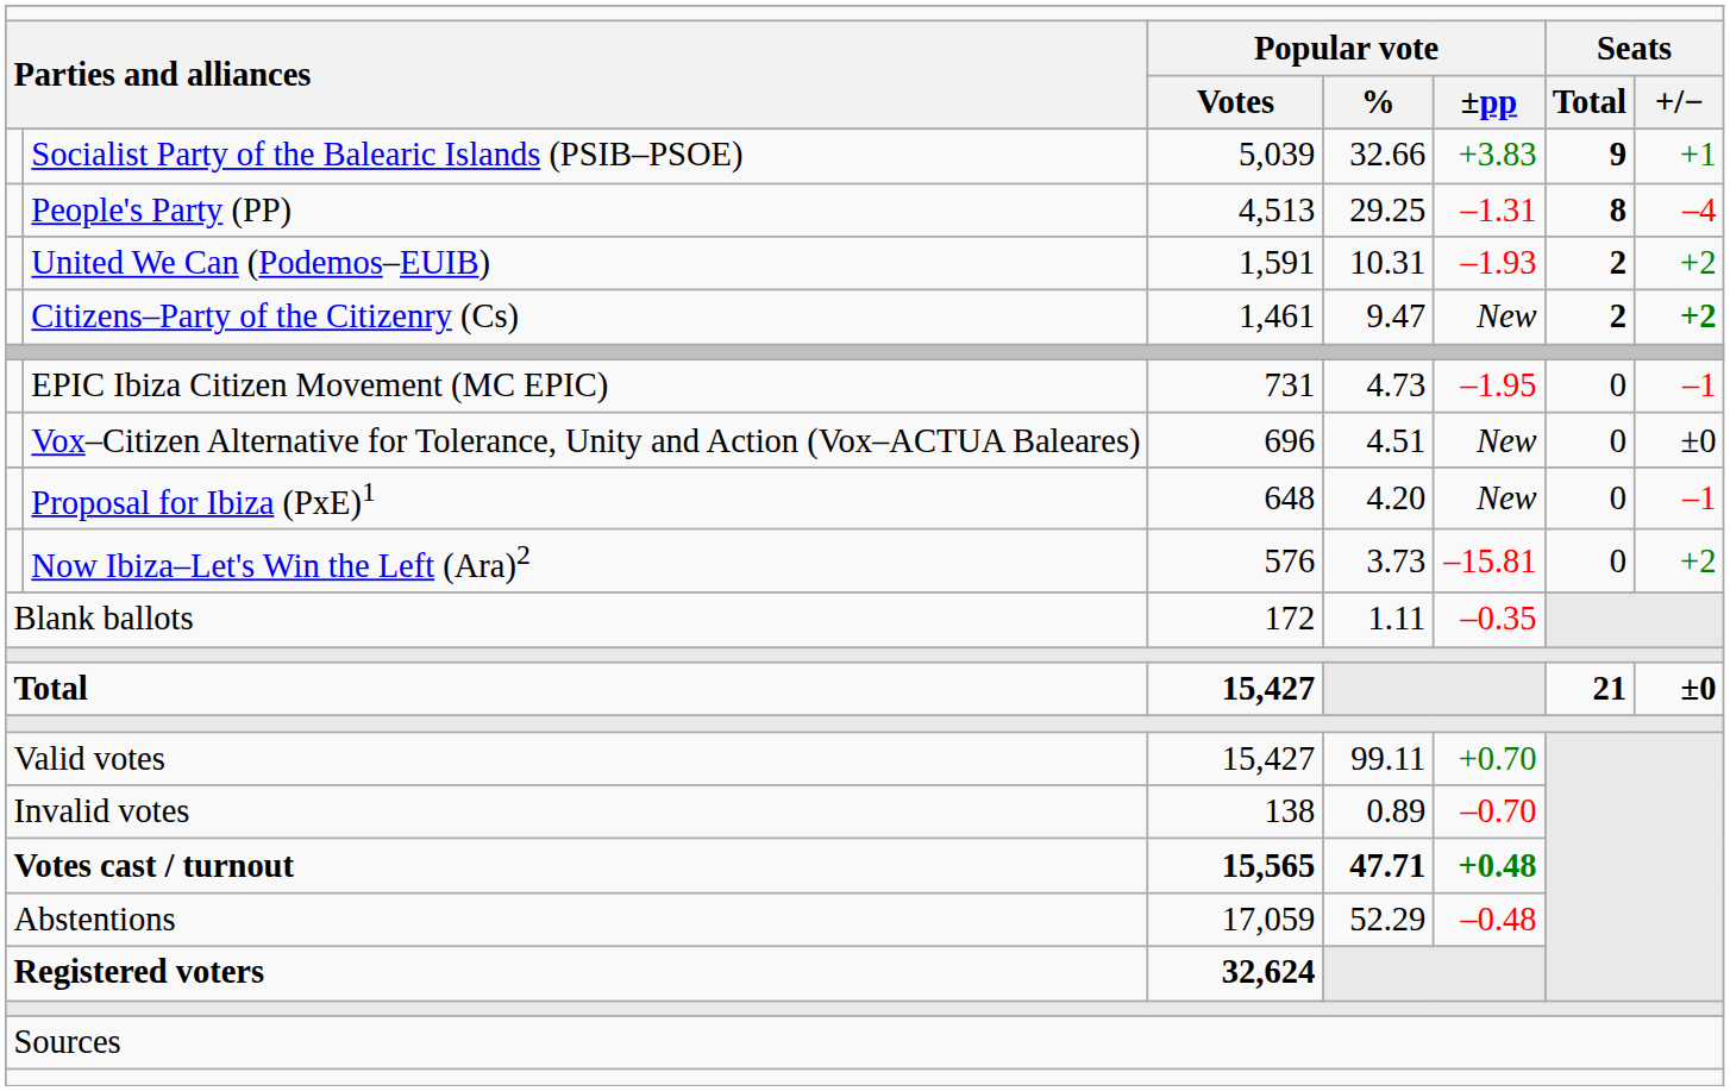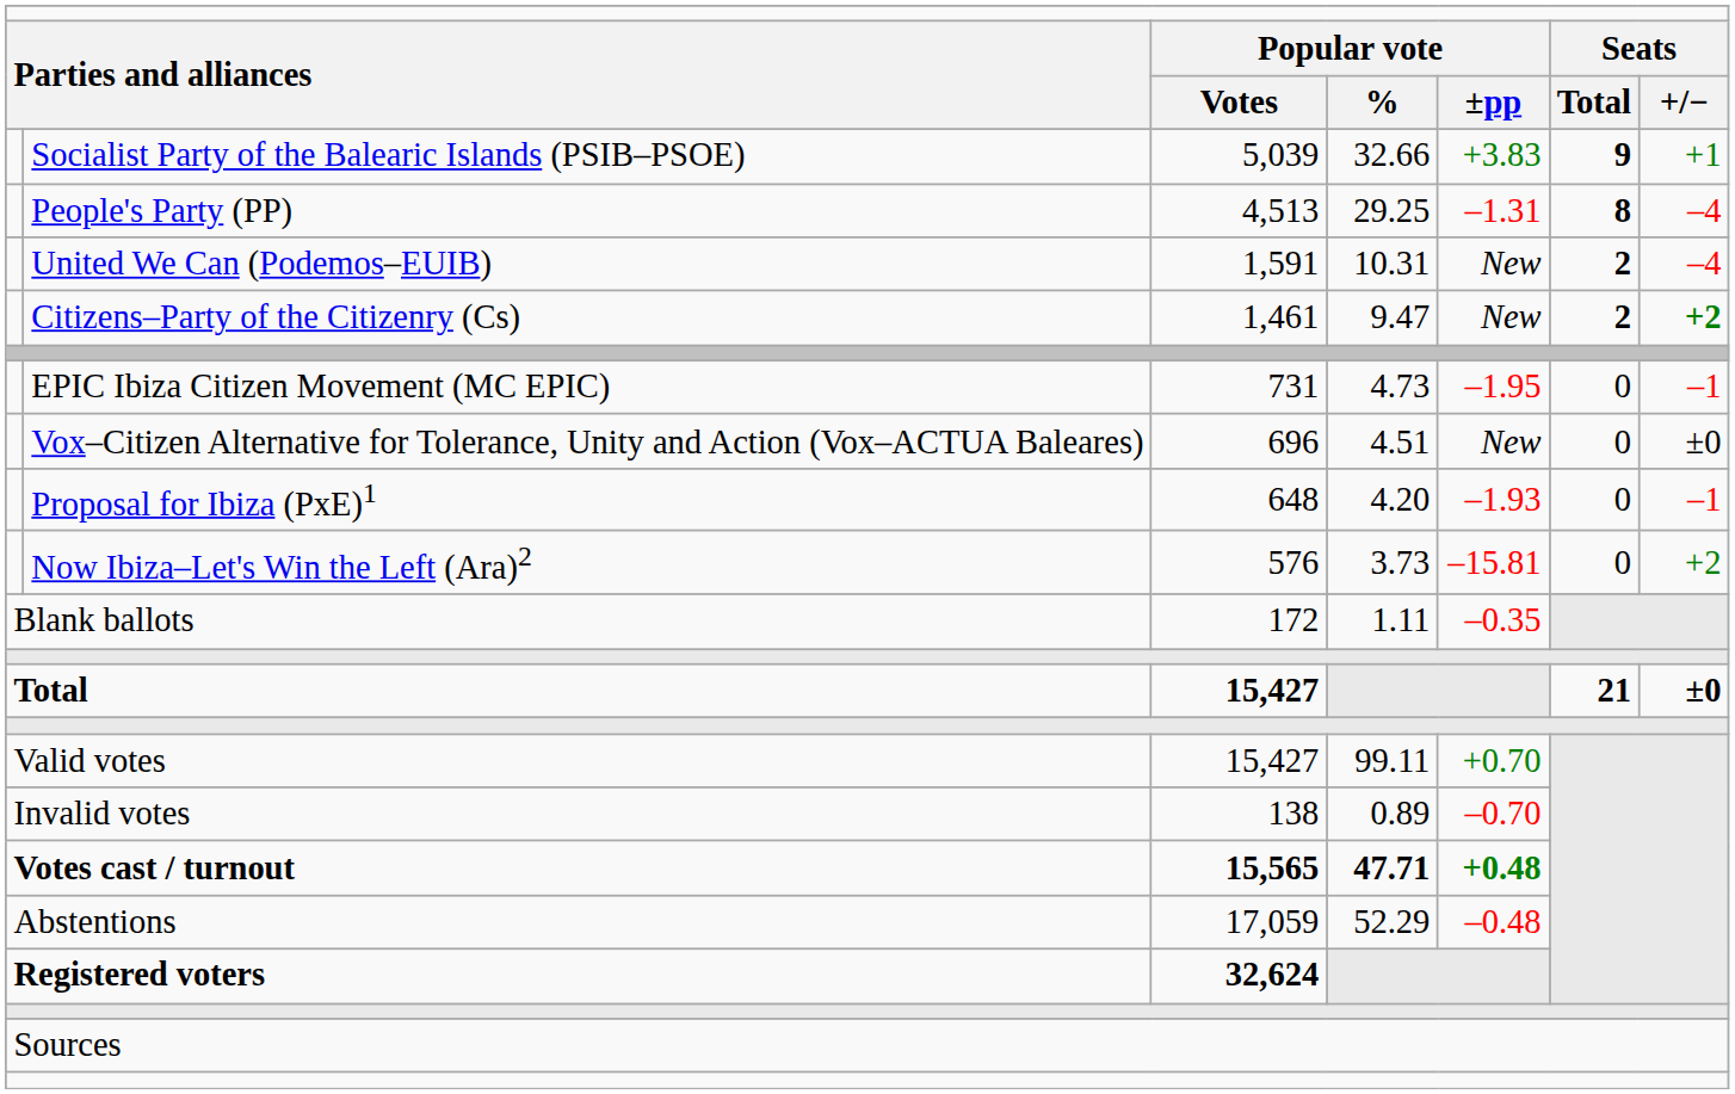 <table class="wikitable" style="text-align:right;">
 <tr>
 <td colspan="7"></td>
 </tr>
 <tr>
 <th style="text-align:left;" rowspan="2" colspan="2" width="525">Parties and alliances</th>
 <th colspan="3">Popular vote</th>
 <th colspan="2">Seats</th>
 </tr>
 <tr>
 <th width="75">Votes</th>
 <th width="45">%</th>
 <th width="45">±<a href='#'>pp</a></th>
 <th width="35">Total</th>
 <th width="35">+/−</th>
 </tr>
 <tr>
 <td width="1" style="color:inherit;background:"></td>
 <td align="left"><a href='#'>Socialist Party of the Balearic Islands</a> (PSIB–PSOE)</td>
 <td>5,039</td>
 <td>32.66</td>
 <td style="color:green;">+3.83</td>
 <td><strong>9</strong></td>
 <td style="color:green;">+1</td>
 </tr>
 <tr>
 <td style="color:inherit;background:"></td>
 <td align="left"><a href='#'>People's Party</a> (PP)</td>
 <td>4,513</td>
 <td>29.25</td>
 <td style="color:red;">–1.31</td>
 <td><strong>8</strong></td>
 <td style="color:red;">–4</td>
 </tr>
 <tr>
 <td style="color:inherit;background:"></td>
 <td align="left"><a href='#'>United We Can</a> (<a href='#'>Podemos</a>–<a href='#'>EUIB</a>)</td>
 <td>1,591</td>
 <td>10.31</td>
-<td style="color:red;">–1.93</td>
+<td><em>New</em></td>
 <td><strong>2</strong></td>
-<td style="color:green;">+2</td>
+<td style="color:red;">–4</td>
 </tr>
 <tr>
 <td style="color:inherit;background:"></td>
 <td align="left"><a href='#'>Citizens–Party of the Citizenry</a> (Cs)</td>
 <td>1,461</td>
 <td>9.47</td>
 <td><em>New</em></td>
 <td><strong>2</strong></td>
 <td style="color:green;"><strong>+2</strong></td>
 </tr>
 <tr>
 <td colspan="7" bgcolor="#C0C0C0"></td>
 </tr>
 <tr>
 <td style="color:inherit;background:"></td>
 <td align="left">EPIC Ibiza Citizen Movement (MC EPIC)</td>
 <td>731</td>
 <td>4.73</td>
 <td style="color:red;">–1.95</td>
 <td>0</td>
 <td style="color:red;">–1</td>
 </tr>
 <tr>
 <td style="color:inherit;background:"></td>
 <td align="left"><a href='#'>Vox</a>–Citizen Alternative for Tolerance, Unity and Action (Vox–ACTUA Baleares)</td>
 <td>696</td>
 <td>4.51</td>
 <td><em>New</em></td>
 <td>0</td>
 <td>±0</td>
 </tr>
 <tr>
 <td style="color:inherit;background:"></td>
 <td align="left"><a href='#'>Proposal for Ibiza</a> (PxE)<sup>1</sup></td>
 <td>648</td>
 <td>4.20</td>
-<td><em>New</em></td>
+<td style="color:red;">–1.93</td>
 <td>0</td>
 <td style="color:red;">–1</td>
 </tr>
 <tr>
 <td style="color:inherit;background:"></td>
 <td align="left"><a href='#'>Now Ibiza–Let's Win the Left</a> (Ara)<sup>2</sup></td>
 <td>576</td>
 <td>3.73</td>
 <td style="color:red;">–15.81</td>
 <td>0</td>
 <td style="color:green;">+2</td>
 </tr>
 <tr>
 <td align="left" colspan="2">Blank ballots</td>
 <td>172</td>
 <td>1.11</td>
 <td style="color:red;">–0.35</td>
 <td bgcolor="#E9E9E9" colspan="2"></td>
 </tr>
 <tr>
 <td colspan="7" bgcolor="#E9E9E9"></td>
 </tr>
 <tr style="font-weight:bold;">
 <td align="left" colspan="2">Total</td>
 <td>15,427</td>
 <td bgcolor="#E9E9E9" colspan="2"></td>
 <td>21</td>
 <td>±0</td>
 </tr>
 <tr>
 <td colspan="7" bgcolor="#E9E9E9"></td>
 </tr>
 <tr>
 <td align="left" colspan="2">Valid votes</td>
 <td>15,427</td>
 <td>99.11</td>
 <td style="color:green;">+0.70</td>
 <td bgcolor="#E9E9E9" colspan="2" rowspan="5"></td>
 </tr>
 <tr>
 <td align="left" colspan="2">Invalid votes</td>
 <td>138</td>
 <td>0.89</td>
 <td style="color:red;">–0.70</td>
 </tr>
 <tr style="font-weight:bold;">
 <td align="left" colspan="2">Votes cast / turnout</td>
 <td>15,565</td>
 <td>47.71</td>
 <td style="color:green;">+0.48</td>
 </tr>
 <tr>
 <td align="left" colspan="2">Abstentions</td>
 <td>17,059</td>
 <td>52.29</td>
 <td style="color:red;">–0.48</td>
 </tr>
 <tr style="font-weight:bold;">
 <td align="left" colspan="2">Registered voters</td>
 <td>32,624</td>
 <td bgcolor="#E9E9E9" colspan="2"></td>
 </tr>
 <tr>
 <td colspan="7" bgcolor="#E9E9E9"></td>
 </tr>
 <tr>
 <td align="left" colspan="7">Sources</td>
 </tr>
 <tr>
 <td colspan="7" style="text-align:left; max-width:790px;"></td>
 </tr>
 </table>
